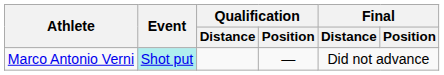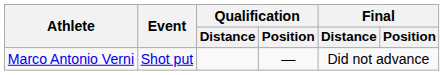 <table class=wikitable style="font-size:90%">
 <tr>
 <th rowspan="2">Athlete</th>
 <th rowspan="2">Event</th>
 <th colspan="2">Qualification</th>
 <th colspan="2">Final</th>
 </tr>
 <tr style="font-size:95%">
 <th>Distance</th>
 <th>Position</th>
 <th>Distance</th>
 <th>Position</th>
 </tr>
 <tr align=center>
 <td align=left><a href='#'>Marco Antonio Verni</a></td>
-<td align=left style="background: paleturquoise;"><a href='#'>Shot put</a></td>
+<td align=left><a href='#'>Shot put</a></td>
 <td></td>
 <td>—</td>
 <td colspan=2>Did not advance</td>
 </tr>
 </table>
